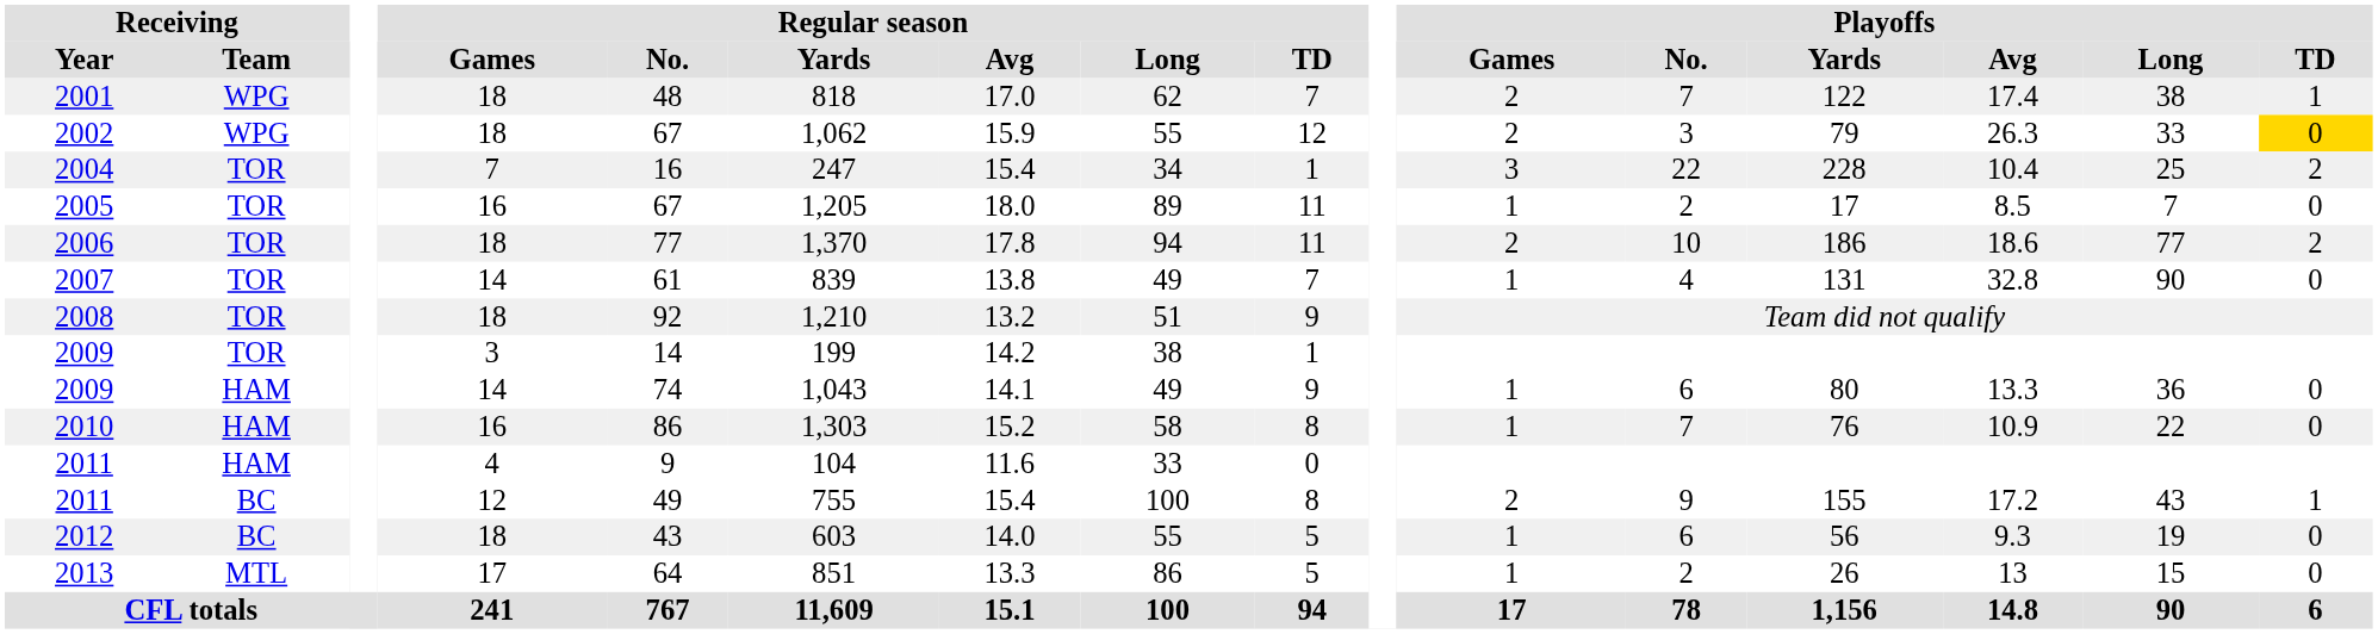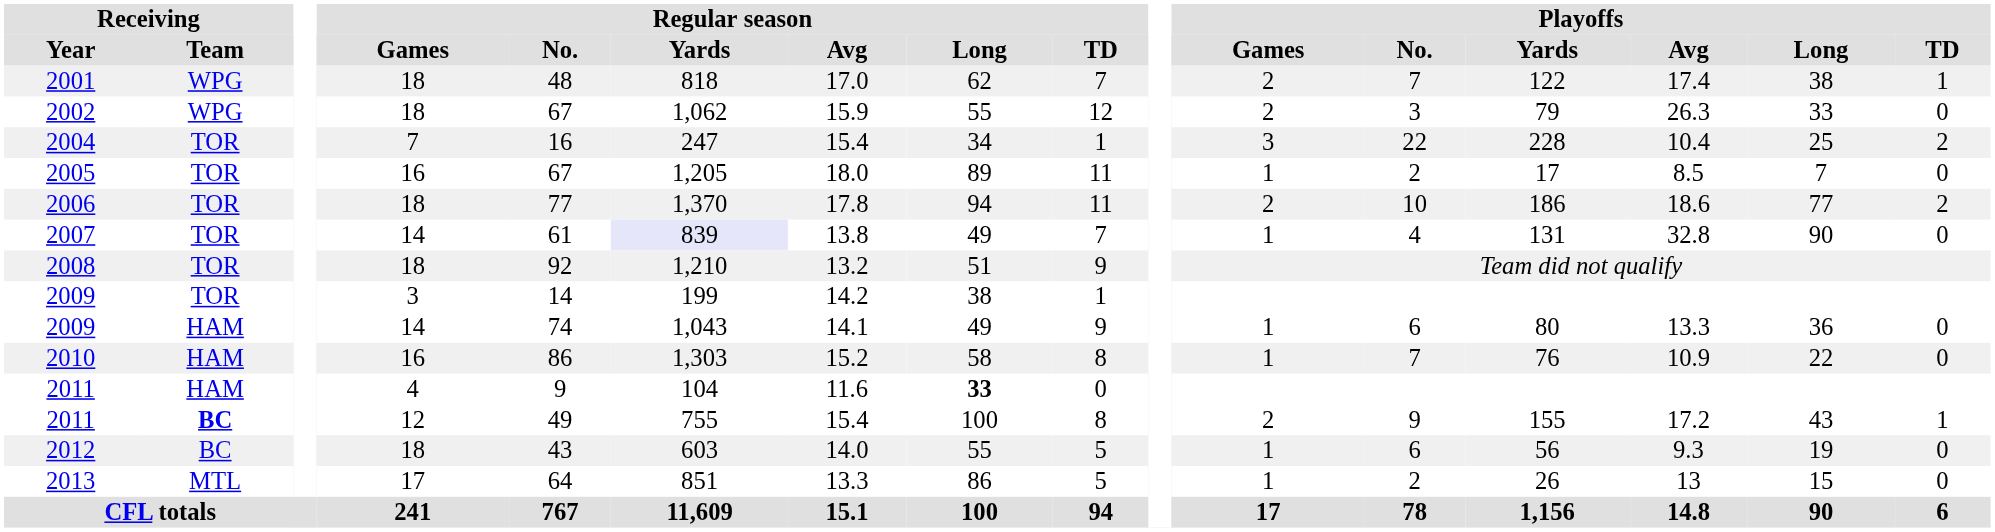 <table BORDER="0" CELLPADDING="1" CELLSPACING="0" width="65%" style="text-align:center">
 <tr bgcolor="#e0e0e0">
 <th colspan="2">Receiving</th>
 <th rowspan="99" bgcolor="#ffffff"> </th>
 <th colspan="6">Regular season</th>
 <th rowspan="99" bgcolor="#ffffff"> </th>
 <th colspan="6">Playoffs</th>
 </tr>
 <tr bgcolor="#e0e0e0">
 <th>Year</th>
 <th>Team</th>
 <th>Games</th>
 <th>No.</th>
 <th>Yards</th>
 <th>Avg</th>
 <th>Long</th>
 <th>TD</th>
 <th>Games</th>
 <th>No.</th>
 <th>Yards</th>
 <th>Avg</th>
 <th>Long</th>
 <th>TD</th>
 </tr>
 <tr ALIGN="center" bgcolor="#f0f0f0">
 <td><a href='#'>2001</a></td>
 <td><a href='#'>WPG</a></td>
 <td>18</td>
 <td>48</td>
 <td>818</td>
 <td>17.0</td>
 <td>62</td>
 <td>7</td>
 <td>2</td>
 <td>7</td>
 <td>122</td>
 <td>17.4</td>
 <td>38</td>
 <td>1</td>
 </tr>
 <tr ALIGN="center">
 <td><a href='#'>2002</a></td>
 <td><a href='#'>WPG</a></td>
 <td>18</td>
 <td>67</td>
 <td>1,062</td>
 <td>15.9</td>
 <td>55</td>
 <td>12</td>
 <td>2</td>
 <td>3</td>
 <td>79</td>
 <td>26.3</td>
 <td>33</td>
-<td style="background: gold;">0</td>
+<td>0</td>
 </tr>
 <tr ALIGN="center" bgcolor="#f0f0f0">
 <td><a href='#'>2004</a></td>
 <td><a href='#'>TOR</a></td>
 <td>7</td>
 <td>16</td>
 <td>247</td>
 <td>15.4</td>
 <td>34</td>
 <td>1</td>
 <td>3</td>
 <td>22</td>
 <td>228</td>
 <td>10.4</td>
 <td>25</td>
 <td>2</td>
 </tr>
 <tr ALIGN="center">
 <td><a href='#'>2005</a></td>
 <td><a href='#'>TOR</a></td>
 <td>16</td>
 <td>67</td>
 <td>1,205</td>
 <td>18.0</td>
 <td>89</td>
 <td>11</td>
 <td>1</td>
 <td>2</td>
 <td>17</td>
 <td>8.5</td>
 <td>7</td>
 <td>0</td>
 </tr>
 <tr ALIGN="center" bgcolor="#f0f0f0">
 <td><a href='#'>2006</a></td>
 <td><a href='#'>TOR</a></td>
 <td>18</td>
 <td>77</td>
 <td>1,370</td>
 <td>17.8</td>
 <td>94</td>
 <td>11</td>
 <td>2</td>
 <td>10</td>
 <td>186</td>
 <td>18.6</td>
 <td>77</td>
 <td>2</td>
 </tr>
 <tr ALIGN="center">
 <td><a href='#'>2007</a></td>
 <td><a href='#'>TOR</a></td>
 <td>14</td>
 <td>61</td>
-<td>839</td>
+<td style="background: lavender;">839</td>
 <td>13.8</td>
 <td>49</td>
 <td>7</td>
 <td>1</td>
 <td>4</td>
 <td>131</td>
 <td>32.8</td>
 <td>90</td>
 <td>0</td>
 </tr>
 <tr ALIGN="center" bgcolor="#f0f0f0">
 <td><a href='#'>2008</a></td>
 <td><a href='#'>TOR</a></td>
 <td>18</td>
 <td>92</td>
 <td>1,210</td>
 <td>13.2</td>
 <td>51</td>
 <td>9</td>
 <td colspan="6"><em>Team did not qualify</em></td>
 </tr>
 <tr ALIGN="center">
 <td><a href='#'>2009</a></td>
 <td><a href='#'>TOR</a></td>
 <td>3</td>
 <td>14</td>
 <td>199</td>
 <td>14.2</td>
 <td>38</td>
 <td>1</td>
 <td></td>
 <td></td>
 <td></td>
 <td></td>
 <td></td>
 <td></td>
 </tr>
 <tr ALIGN="center">
 <td><a href='#'>2009</a></td>
 <td><a href='#'>HAM</a></td>
 <td>14</td>
 <td>74</td>
 <td>1,043</td>
 <td>14.1</td>
 <td>49</td>
 <td>9</td>
 <td>1</td>
 <td>6</td>
 <td>80</td>
 <td>13.3</td>
 <td>36</td>
 <td>0</td>
 </tr>
 <tr ALIGN="center" bgcolor="#f0f0f0">
 <td><a href='#'>2010</a></td>
 <td><a href='#'>HAM</a></td>
 <td>16</td>
 <td>86</td>
 <td>1,303</td>
 <td>15.2</td>
 <td>58</td>
 <td>8</td>
 <td>1</td>
 <td>7</td>
 <td>76</td>
 <td>10.9</td>
 <td>22</td>
 <td>0</td>
 </tr>
 <tr ALIGN="center">
 <td><a href='#'>2011</a></td>
 <td><a href='#'>HAM</a></td>
 <td>4</td>
 <td>9</td>
 <td>104</td>
 <td>11.6</td>
-<td>33</td>
+<td><strong>33</strong></td>
 <td>0</td>
 <td></td>
 <td></td>
 <td></td>
 <td></td>
 <td></td>
 <td></td>
 </tr>
 <tr ALIGN="center">
 <td><a href='#'>2011</a></td>
-<td><a href='#'>BC</a></td>
+<td><strong><a href='#'>BC</a></strong></td>
 <td>12</td>
 <td>49</td>
 <td>755</td>
 <td>15.4</td>
 <td>100</td>
 <td>8</td>
 <td>2</td>
 <td>9</td>
 <td>155</td>
 <td>17.2</td>
 <td>43</td>
 <td>1</td>
 </tr>
 <tr ALIGN="center" bgcolor="#f0f0f0">
 <td><a href='#'>2012</a></td>
 <td><a href='#'>BC</a></td>
 <td>18</td>
 <td>43</td>
 <td>603</td>
 <td>14.0</td>
 <td>55</td>
 <td>5</td>
 <td>1</td>
 <td>6</td>
 <td>56</td>
 <td>9.3</td>
 <td>19</td>
 <td>0</td>
 </tr>
 <tr ALIGN="center">
 <td><a href='#'>2013</a></td>
 <td><a href='#'>MTL</a></td>
 <td>17</td>
 <td>64</td>
 <td>851</td>
 <td>13.3</td>
 <td>86</td>
 <td>5</td>
 <td>1</td>
 <td>2</td>
 <td>26</td>
 <td>13</td>
 <td>15</td>
 <td>0</td>
 </tr>
 <tr bgcolor="#e0e0e0">
 <th colspan="3"><a href='#'>CFL</a> totals</th>
 <th>241</th>
 <th>767</th>
 <th>11,609</th>
 <th>15.1</th>
 <th>100</th>
 <th>94</th>
 <th>17</th>
 <th>78</th>
 <th>1,156</th>
 <th>14.8</th>
 <th>90</th>
 <th>6</th>
 </tr>
 </table>
